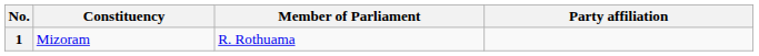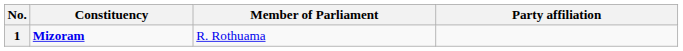 <table class="wikitable">
 <tr style="text-align:center;">
 <th>No.</th>
 <th style="width:12em">Constituency</th>
 <th style="width:18em">Member of Parliament</th>
 <th colspan="2" style="width:18em">Party affiliation</th>
 </tr>
 <tr>
 <th>1</th>
-<td><a href='#'>Mizoram</a></td>
+<td><strong><a href='#'>Mizoram</a></strong></td>
 <td><a href='#'>R. Rothuama</a></td>
 <td></td>
 </tr>
 </table>
